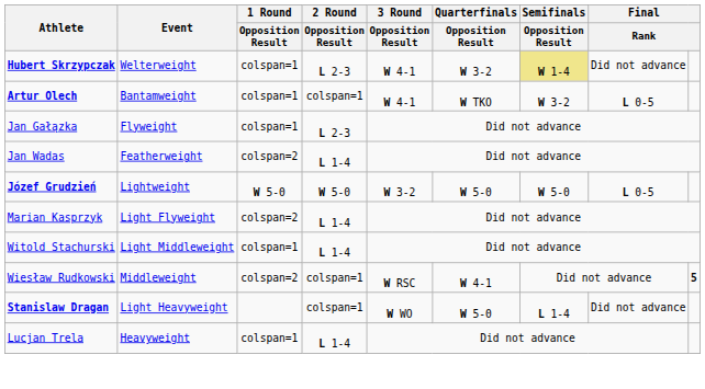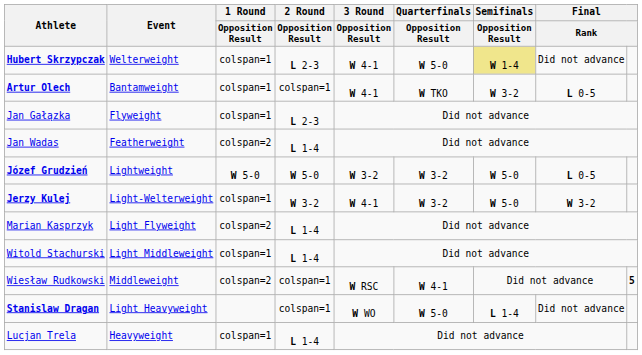 <table class="wikitable" style="font-size:90%">
 <tr>
 <th rowspan="2">Athlete</th>
 <th rowspan="2">Event</th>
 <th>1 Round</th>
 <th>2 Round</th>
 <th>3 Round</th>
 <th>Quarterfinals</th>
 <th>Semifinals</th>
 <th colspan=2>Final</th>
 </tr>
 <tr style="font-size:95%">
 <th>Opposition<br>Result</th>
 <th>Opposition<br>Result</th>
 <th>Opposition<br>Result</th>
 <th>Opposition<br>Result</th>
 <th>Opposition<br>Result</th>
 <th colspan=2>Rank</th>
 </tr>
 <tr align=center>
 <td align=left><strong><a href='#'>Hubert Skrzypczak</a></strong></td>
 <td align=left><a href='#'>Welterweight</a></td>
 <td>colspan=1 </td>
 <td><br><strong>L</strong> 2-3</td>
 <td><br><strong>W</strong> 4-1</td>
-<td><br><strong>W</strong> 3-2</td>
+<td><br><strong>W</strong> 5-0</td>
 <td style="background: khaki;"><br><strong>W</strong> 1-4</td>
 <td colspan=1>Did not advance</td>
 <td></td>
 </tr>
 <tr align=center>
 <td align=left><strong><a href='#'>Artur Olech</a></strong></td>
 <td align=left><a href='#'>Bantamweight</a></td>
 <td>colspan=1 </td>
 <td>colspan=1 </td>
 <td><br><strong>W</strong> 4-1</td>
 <td><br><strong>W</strong> TKO</td>
 <td><br><strong>W</strong> 3-2</td>
 <td><br><strong>L</strong> 0-5</td>
 <td></td>
 </tr>
 <tr align=center>
 <td align=left><a href='#'>Jan Gałązka</a></td>
 <td align=left><a href='#'>Flyweight</a></td>
 <td>colspan=1 </td>
 <td><br><strong>L</strong> 2-3</td>
 <td colspan=5>Did not advance</td>
 </tr>
 <tr align=center>
 <td align=left><a href='#'>Jan Wadas</a></td>
 <td align=left><a href='#'>Featherweight</a></td>
 <td>colspan=2 </td>
 <td><br><strong>L</strong> 1-4</td>
 <td colspan=5>Did not advance</td>
 </tr>
 <tr align=center>
 <td align=left><strong><a href='#'>Józef Grudzień</a></strong></td>
 <td align=left><a href='#'>Lightweight</a></td>
 <td><br><strong>W</strong> 5-0</td>
 <td><br><strong>W</strong> 5-0</td>
 <td><br><strong>W</strong> 3-2</td>
-<td><br><strong>W</strong> 5-0</td>
+<td><br><strong>W</strong> 3-2</td>
 <td><br><strong>W</strong> 5-0</td>
 <td><br><strong>L</strong> 0-5</td>
+<td></td>
+</tr>
+<tr align=center>
+<td align=left><strong><a href='#'>Jerzy Kulej</a></strong></td>
+<td align=left><a href='#'>Light-Welterweight</a></td>
+<td>colspan=1 </td>
+<td><br><strong>W</strong> 3-2</td>
+<td><br><strong>W</strong> 4-1</td>
+<td><br><strong>W</strong> 3-2</td>
+<td><br><strong>W</strong> 5-0</td>
+<td><br><strong>W</strong> 3-2</td>
 <td></td>
 </tr>
 <tr align=center>
 <td align=left><a href='#'>Marian Kasprzyk</a></td>
 <td align=left><a href='#'>Light Flyweight</a></td>
 <td>colspan=2 </td>
 <td><br><strong>L</strong> 1-4</td>
 <td colspan=5>Did not advance</td>
 </tr>
 <tr align=center>
 <td align=left><a href='#'>Witold Stachurski</a></td>
 <td align=left><a href='#'>Light Middleweight</a></td>
 <td>colspan=1 </td>
 <td><br><strong>L</strong> 1-4</td>
 <td colspan=5>Did not advance</td>
 </tr>
 <tr align=center>
 <td align=left><a href='#'>Wiesław Rudkowski</a></td>
 <td align=left><a href='#'>Middleweight</a></td>
 <td>colspan=2 </td>
 <td>colspan=1 </td>
 <td><br><strong>W</strong> RSC</td>
 <td><br><strong>W</strong> 4-1</td>
 <td colspan=2>Did not advance</td>
 <td><strong>5</strong></td>
 </tr>
 <tr align=center>
 <td align=left><strong><a href='#'>Stanislaw Dragan</a></strong></td>
 <td align=left><a href='#'>Light Heavyweight</a></td>
 <td></td>
 <td>colspan=1 </td>
 <td><br><strong>W</strong> WO</td>
 <td><br><strong>W</strong> 5-0</td>
 <td><br><strong>L</strong> 1-4</td>
 <td colspan=1>Did not advance</td>
 <td></td>
 </tr>
 <tr align=center>
 <td align=left><a href='#'>Lucjan Trela</a></td>
 <td align=left><a href='#'>Heavyweight</a></td>
 <td>colspan=1 </td>
 <td><br><strong>L</strong> 1-4</td>
 <td colspan=4>Did not advance</td>
 </tr>
 </table>
